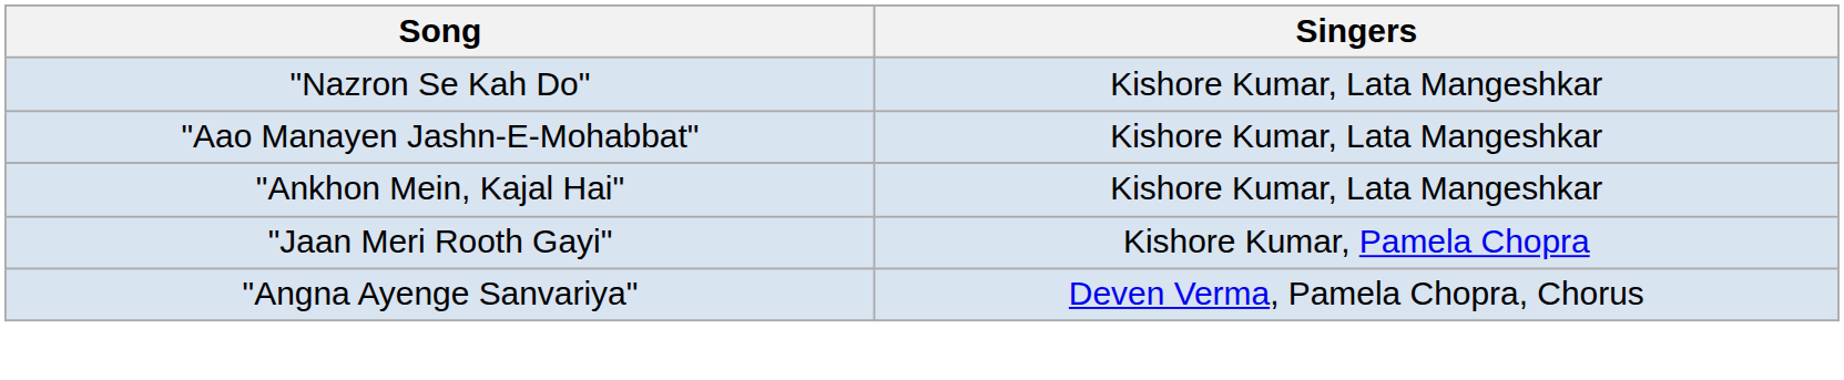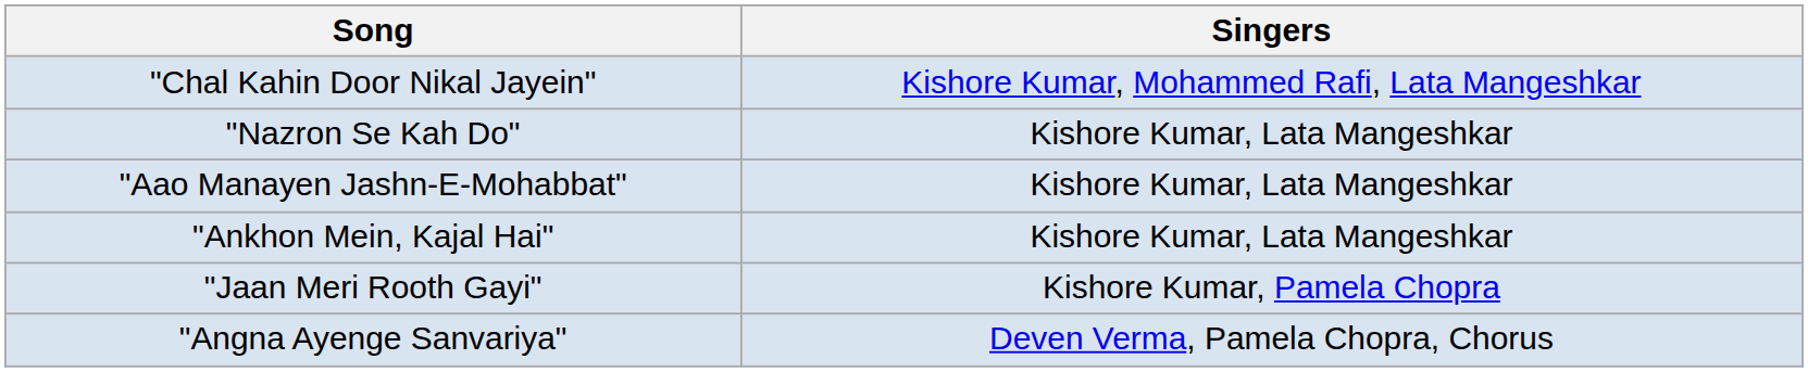 <table class="wikitable" width="70%">
 <tr style="background:#d9e4f1; text-align:center;">
 <th><strong>Song</strong></th>
 <th><strong>Singers</strong></th>
+</tr>
+<tr rowspan="1" style="text-align:center; background:#d9e4f1; textcolor:#000;">
+<td>"Chal Kahin Door Nikal Jayein"</td>
+<td><a href='#'>Kishore Kumar</a>, <a href='#'>Mohammed Rafi</a>, <a href='#'>Lata Mangeshkar</a></td>
 </tr>
 <tr rowspan="1" style="text-align:center; background:#d9e4f1; textcolor:#000;">
 <td>"Nazron Se Kah Do"</td>
 <td>Kishore Kumar, Lata Mangeshkar</td>
 </tr>
 <tr rowspan="1" style="text-align:center; background:#d9e4f1; textcolor:#000;">
 <td>"Aao Manayen Jashn-E-Mohabbat"</td>
 <td>Kishore Kumar, Lata Mangeshkar</td>
 </tr>
 <tr rowspan="1" style="text-align:center; background:#d9e4f1; textcolor:#000;">
 <td>"Ankhon Mein, Kajal Hai"</td>
 <td>Kishore Kumar, Lata Mangeshkar</td>
 </tr>
 <tr rowspan="1" style="text-align:center; background:#d9e4f1; textcolor:#000;">
 <td>"Jaan Meri Rooth Gayi"</td>
 <td>Kishore Kumar, <a href='#'>Pamela Chopra</a></td>
 </tr>
 <tr rowspan="1" style="text-align:center; background:#d9e4f1; textcolor:#000;">
 <td>"Angna Ayenge Sanvariya"</td>
 <td><a href='#'>Deven Verma</a>, Pamela Chopra, Chorus</td>
 </tr>
 </table>
